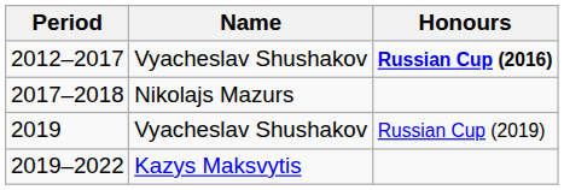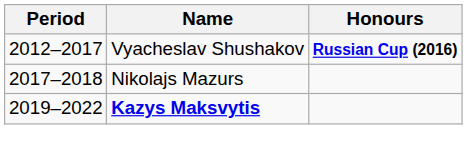 <table class="wikitable">
 <tr>
 <th>Period</th>
 <th>Name</th>
 <th>Honours</th>
 </tr>
 <tr>
 <td>2012–2017</td>
 <td> Vyacheslav Shushakov</td>
 <td><strong><small><a href='#'>Russian Cup</a> (2016)</small></strong></td>
 </tr>
 <tr>
 <td>2017–2018</td>
 <td> Nikolajs Mazurs</td>
 <td></td>
 </tr>
 <tr>
-<td>2019</td>
-<td> Vyacheslav Shushakov</td>
-<td><small><a href='#'>Russian Cup</a> (2019)</small></td>
-</tr>
-<tr>
 <td>2019–2022</td>
-<td> <a href='#'>Kazys Maksvytis</a></td>
+<td><strong> <a href='#'>Kazys Maksvytis</a></strong></td>
 <td></td>
 </tr>
 </table>
